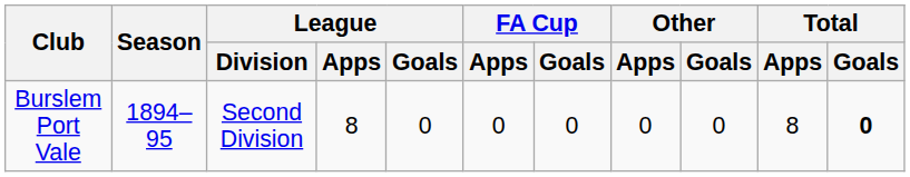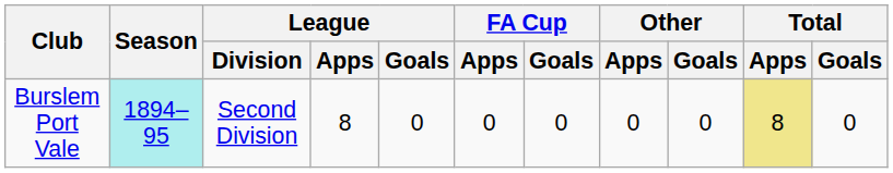 <table class="wikitable" style="text-align:center">
 <tr>
 <th rowspan="2">Club</th>
 <th rowspan="2">Season</th>
 <th colspan="3">League</th>
 <th colspan="2"><a href='#'>FA Cup</a></th>
 <th colspan="2">Other</th>
 <th colspan="2">Total</th>
 </tr>
 <tr>
 <th>Division</th>
 <th>Apps</th>
 <th>Goals</th>
 <th>Apps</th>
 <th>Goals</th>
 <th>Apps</th>
 <th>Goals</th>
 <th>Apps</th>
 <th>Goals</th>
 </tr>
 <tr>
 <td><a href='#'>Burslem Port Vale</a></td>
-<td><a href='#'>1894–95</a></td>
+<td style="background: paleturquoise;"><a href='#'>1894–95</a></td>
 <td><a href='#'>Second Division</a></td>
 <td>8</td>
 <td>0</td>
 <td>0</td>
 <td>0</td>
 <td>0</td>
 <td>0</td>
-<td>8</td>
-<td><strong>0</strong></td>
+<td style="background: khaki;">8</td>
+<td>0</td>
 </tr>
 </table>
